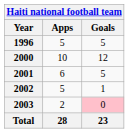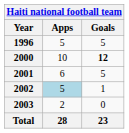 <table class="wikitable" style="text-align:center">
 <tr>
 <th colspan=3><a href='#'>Haiti national football team</a></th>
 </tr>
 <tr>
 <th>Year</th>
 <th>Apps</th>
 <th>Goals</th>
 </tr>
 <tr>
 <th>1996</th>
 <td>5</td>
 <td>5</td>
 </tr>
 <tr>
 <th>2000</th>
 <td>10</td>
-<td>12</td>
+<td><strong>12</strong></td>
 </tr>
 <tr>
 <th>2001</th>
 <td>6</td>
 <td>5</td>
 </tr>
 <tr>
 <th>2002</th>
-<td>5</td>
+<td style="background: lightblue;">5</td>
 <td>1</td>
 </tr>
 <tr>
 <th>2003</th>
 <td>2</td>
-<td style="background: pink;">0</td>
+<td>0</td>
 </tr>
 <tr>
 <th>Total</th>
 <th>28</th>
 <th>23</th>
 </tr>
 </table>
